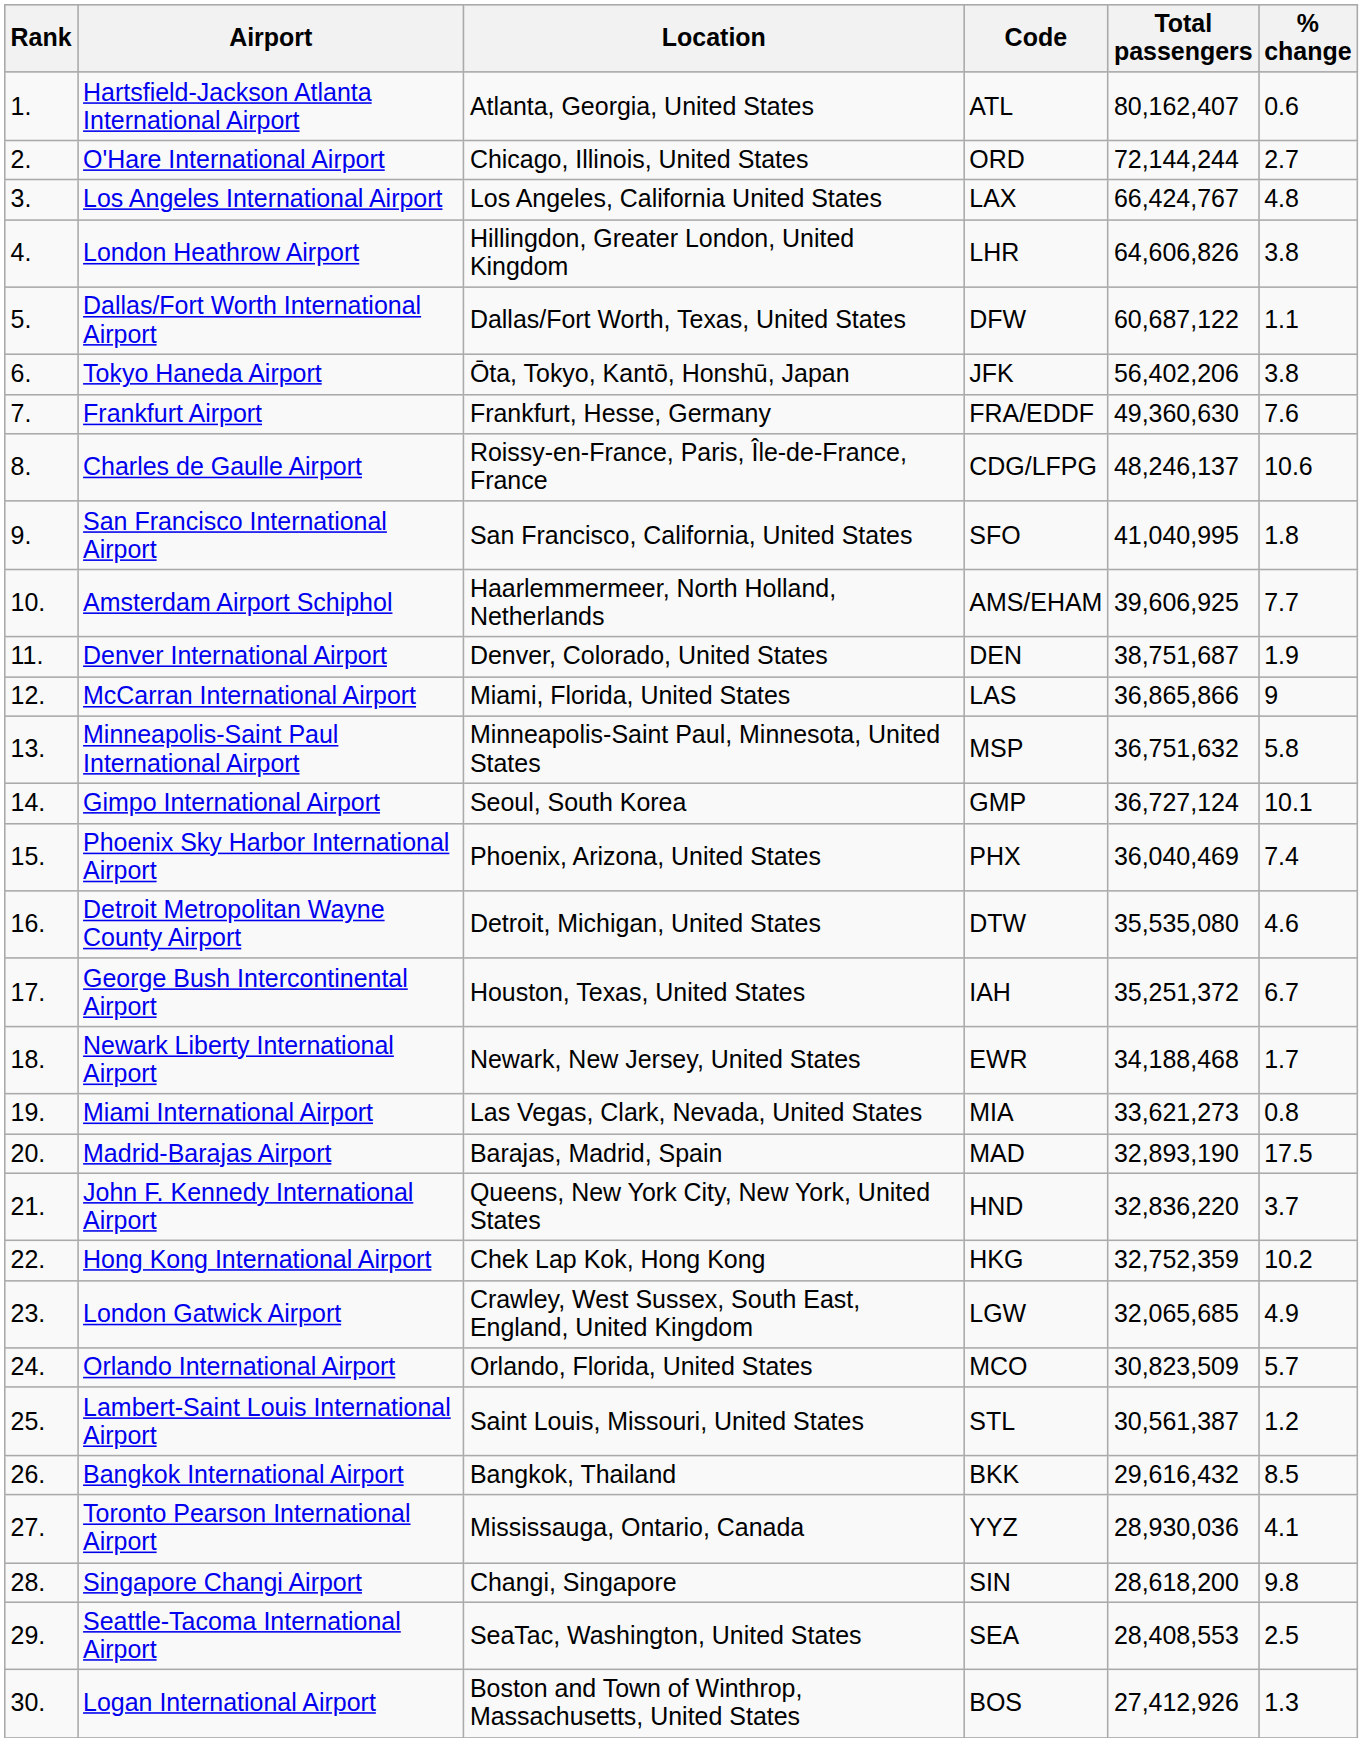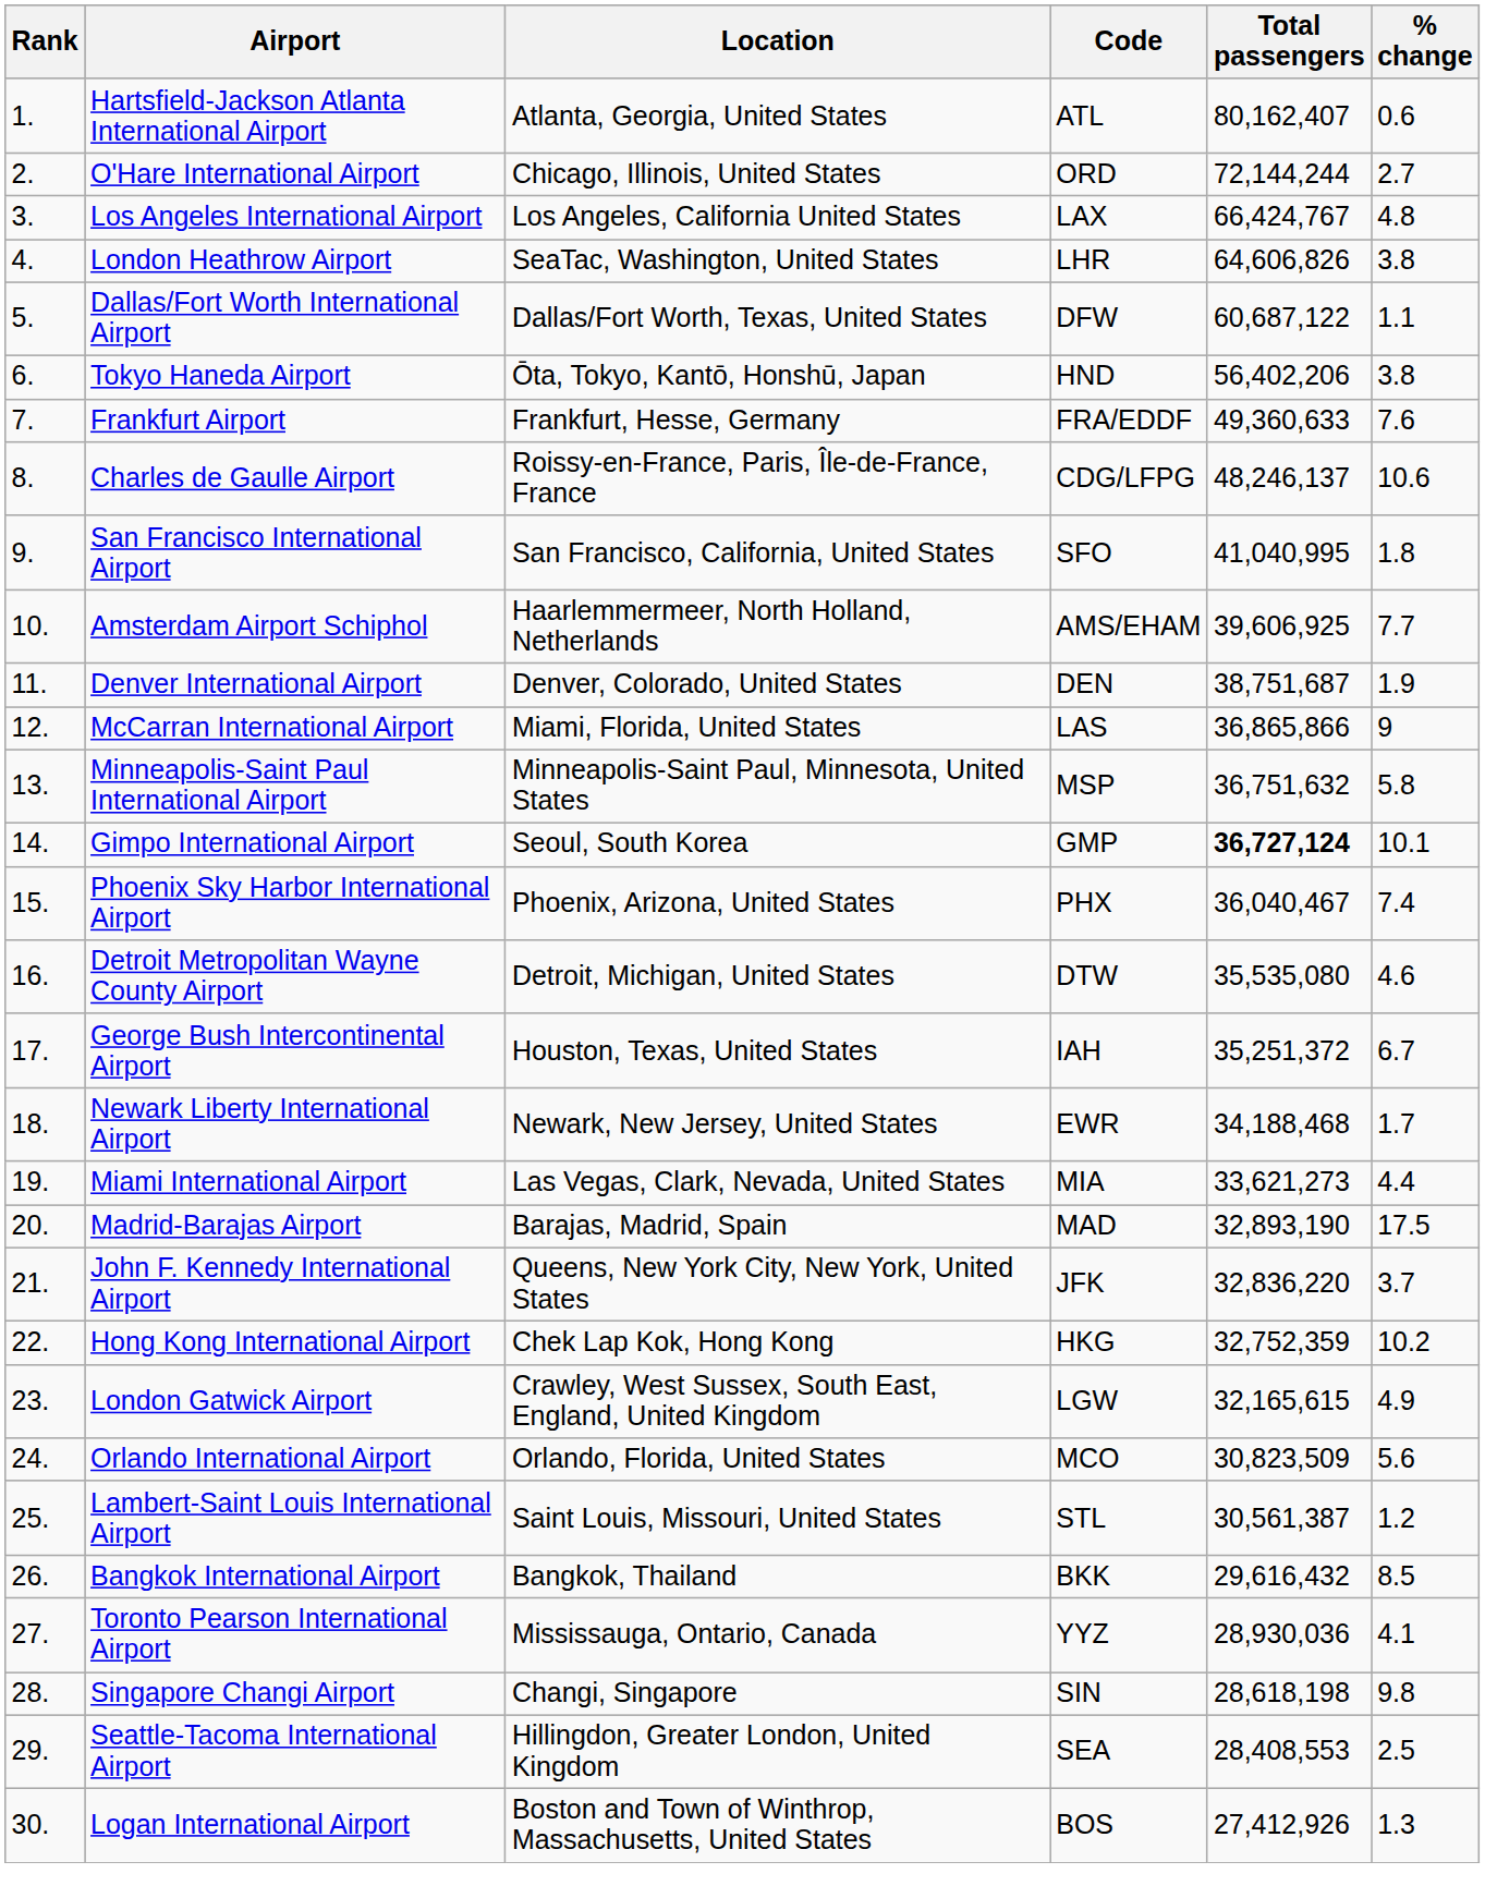 <table class="wikitable sortable" style="-size: 85%" width= align=>
 <tr style="background:lightgrey;">
 <th>Rank</th>
 <th>Airport</th>
 <th>Location</th>
 <th>Code</th>
 <th>Total<br>passengers</th>
 <th>%<br>change</th>
 </tr>
 <tr>
 <td>1.</td>
 <td> <a href='#'>Hartsfield-Jackson Atlanta International Airport</a></td>
 <td>Atlanta, Georgia, United States</td>
 <td>ATL</td>
 <td>80,162,407</td>
 <td>0.6</td>
 </tr>
 <tr>
 <td>2.</td>
 <td> <a href='#'>O'Hare International Airport</a></td>
 <td>Chicago, Illinois, United States</td>
 <td>ORD</td>
 <td>72,144,244</td>
 <td>2.7</td>
 </tr>
 <tr>
 <td>3.</td>
 <td> <a href='#'>Los Angeles International Airport</a></td>
 <td>Los Angeles, California United States</td>
 <td>LAX</td>
 <td>66,424,767</td>
 <td>4.8</td>
 </tr>
 <tr>
 <td>4.</td>
 <td> <a href='#'>London Heathrow Airport</a></td>
-<td>Hillingdon, Greater London, United Kingdom</td>
+<td>SeaTac, Washington, United States</td>
 <td>LHR</td>
 <td>64,606,826</td>
 <td>3.8</td>
 </tr>
 <tr>
 <td>5.</td>
 <td> <a href='#'>Dallas/Fort Worth International Airport</a></td>
 <td>Dallas/Fort Worth, Texas, United States</td>
 <td>DFW</td>
 <td>60,687,122</td>
 <td>1.1</td>
 </tr>
 <tr>
 <td>6.</td>
 <td> <a href='#'>Tokyo Haneda Airport</a></td>
 <td>Ōta, Tokyo, Kantō, Honshū, Japan</td>
-<td>JFK</td>
+<td>HND</td>
 <td>56,402,206</td>
 <td>3.8</td>
 </tr>
 <tr>
 <td>7.</td>
 <td> <a href='#'>Frankfurt Airport</a></td>
 <td>Frankfurt, Hesse, Germany</td>
 <td>FRA/EDDF</td>
-<td>49,360,630</td>
+<td>49,360,633</td>
 <td>7.6</td>
 </tr>
 <tr>
 <td>8.</td>
 <td> <a href='#'>Charles de Gaulle Airport</a></td>
 <td>Roissy-en-France, Paris, Île-de-France, France</td>
 <td>CDG/LFPG</td>
 <td>48,246,137</td>
 <td>10.6</td>
 </tr>
 <tr>
 <td>9.</td>
 <td> <a href='#'>San Francisco International Airport</a></td>
 <td>San Francisco, California, United States</td>
 <td>SFO</td>
 <td>41,040,995</td>
 <td>1.8</td>
 </tr>
 <tr>
 <td>10.</td>
 <td> <a href='#'>Amsterdam Airport Schiphol</a></td>
 <td>Haarlemmermeer, North Holland, Netherlands</td>
 <td>AMS/EHAM</td>
 <td>39,606,925</td>
 <td>7.7</td>
 </tr>
 <tr>
 <td>11.</td>
 <td> <a href='#'>Denver International Airport</a></td>
 <td>Denver, Colorado, United States</td>
 <td>DEN</td>
 <td>38,751,687</td>
 <td>1.9</td>
 </tr>
 <tr>
 <td>12.</td>
 <td> <a href='#'>McCarran International Airport</a></td>
 <td>Miami, Florida, United States</td>
 <td>LAS</td>
 <td>36,865,866</td>
 <td>9</td>
 </tr>
 <tr>
 <td>13.</td>
 <td> <a href='#'>Minneapolis-Saint Paul International Airport</a></td>
 <td>Minneapolis-Saint Paul, Minnesota, United States</td>
 <td>MSP</td>
 <td>36,751,632</td>
 <td>5.8</td>
 </tr>
 <tr>
 <td>14.</td>
 <td> <a href='#'>Gimpo International Airport</a></td>
 <td>Seoul, South Korea</td>
 <td>GMP</td>
-<td>36,727,124</td>
+<td><strong>36,727,124</strong></td>
 <td>10.1</td>
 </tr>
 <tr>
 <td>15.</td>
 <td> <a href='#'>Phoenix Sky Harbor International Airport</a></td>
 <td>Phoenix, Arizona, United States</td>
 <td>PHX</td>
-<td>36,040,469</td>
+<td>36,040,467</td>
 <td>7.4</td>
 </tr>
 <tr>
 <td>16.</td>
 <td> <a href='#'>Detroit Metropolitan Wayne County Airport</a></td>
 <td>Detroit, Michigan, United States</td>
 <td>DTW</td>
 <td>35,535,080</td>
 <td>4.6</td>
 </tr>
 <tr>
 <td>17.</td>
 <td> <a href='#'>George Bush Intercontinental Airport</a></td>
 <td>Houston, Texas, United States</td>
 <td>IAH</td>
 <td>35,251,372</td>
 <td>6.7</td>
 </tr>
 <tr>
 <td>18.</td>
 <td> <a href='#'>Newark Liberty International Airport</a></td>
 <td>Newark, New Jersey, United States</td>
 <td>EWR</td>
 <td>34,188,468</td>
 <td>1.7</td>
 </tr>
 <tr>
 <td>19.</td>
 <td> <a href='#'>Miami International Airport</a></td>
 <td>Las Vegas, Clark, Nevada, United States</td>
 <td>MIA</td>
 <td>33,621,273</td>
-<td>0.8</td>
+<td>4.4</td>
 </tr>
 <tr>
 <td>20.</td>
 <td> <a href='#'>Madrid-Barajas Airport</a></td>
 <td>Barajas, Madrid, Spain</td>
 <td>MAD</td>
 <td>32,893,190</td>
 <td>17.5</td>
 </tr>
 <tr>
 <td>21.</td>
 <td> <a href='#'>John F. Kennedy International Airport</a></td>
 <td>Queens, New York City, New York, United States</td>
-<td>HND</td>
+<td>JFK</td>
 <td>32,836,220</td>
 <td>3.7</td>
 </tr>
 <tr>
 <td>22.</td>
 <td> <a href='#'>Hong Kong International Airport</a></td>
 <td>Chek Lap Kok, Hong Kong</td>
 <td>HKG</td>
 <td>32,752,359</td>
 <td>10.2</td>
 </tr>
 <tr>
 <td>23.</td>
 <td> <a href='#'>London Gatwick Airport</a></td>
 <td>Crawley, West Sussex, South East, England, United Kingdom</td>
 <td>LGW</td>
-<td>32,065,685</td>
+<td>32,165,615</td>
 <td>4.9</td>
 </tr>
 <tr>
 <td>24.</td>
 <td> <a href='#'>Orlando International Airport</a></td>
 <td>Orlando, Florida, United States</td>
 <td>MCO</td>
 <td>30,823,509</td>
-<td>5.7</td>
+<td>5.6</td>
 </tr>
 <tr>
 <td>25.</td>
 <td> <a href='#'>Lambert-Saint Louis International Airport</a></td>
 <td>Saint Louis, Missouri, United States</td>
 <td>STL</td>
 <td>30,561,387</td>
 <td>1.2</td>
 </tr>
 <tr>
 <td>26.</td>
 <td> <a href='#'>Bangkok International Airport</a></td>
 <td>Bangkok, Thailand</td>
 <td>BKK</td>
 <td>29,616,432</td>
 <td>8.5</td>
 </tr>
 <tr>
 <td>27.</td>
 <td> <a href='#'>Toronto Pearson International Airport</a></td>
 <td>Mississauga, Ontario, Canada</td>
 <td>YYZ</td>
 <td>28,930,036</td>
 <td>4.1</td>
 </tr>
 <tr>
 <td>28.</td>
 <td> <a href='#'>Singapore Changi Airport</a></td>
 <td>Changi, Singapore</td>
 <td>SIN</td>
-<td>28,618,200</td>
+<td>28,618,198</td>
 <td>9.8</td>
 </tr>
 <tr>
 <td>29.</td>
 <td> <a href='#'>Seattle-Tacoma International Airport</a></td>
-<td>SeaTac, Washington, United States</td>
+<td>Hillingdon, Greater London, United Kingdom</td>
 <td>SEA</td>
 <td>28,408,553</td>
 <td>2.5</td>
 </tr>
 <tr>
 <td>30.</td>
 <td> <a href='#'>Logan International Airport</a></td>
 <td>Boston and Town of Winthrop, Massachusetts, United States</td>
 <td>BOS</td>
 <td>27,412,926</td>
 <td>1.3</td>
 </tr>
 </table>
